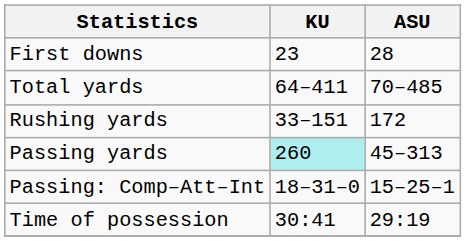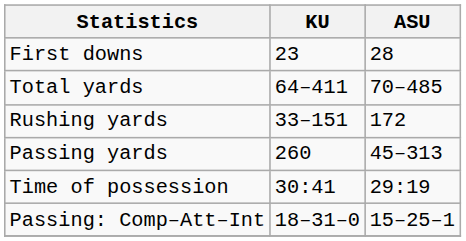 <table class="wikitable" style="float: left;">
 <tr>
 <th>Statistics</th>
 <th>KU</th>
 <th>ASU</th>
 </tr>
 <tr>
 <td>First downs</td>
 <td>23</td>
 <td>28</td>
 </tr>
 <tr>
 <td>Total yards</td>
 <td>64–411</td>
 <td>70–485</td>
 </tr>
 <tr>
 <td>Rushing yards</td>
 <td>33–151</td>
 <td>172</td>
 </tr>
 <tr>
 <td>Passing yards</td>
-<td style="background: paleturquoise;">260</td>
+<td>260</td>
 <td>45–313</td>
+</tr>
+<tr>
+<td>Time of possession</td>
+<td>30:41</td>
+<td>29:19</td>
 </tr>
 <tr>
 <td>Passing: Comp–Att–Int</td>
 <td>18–31–0</td>
 <td>15–25–1</td>
 </tr>
 <tr>
-<td>Time of possession</td>
-<td>30:41</td>
-<td>29:19</td>
-</tr>
-<tr>
 </tr>
 </table>
